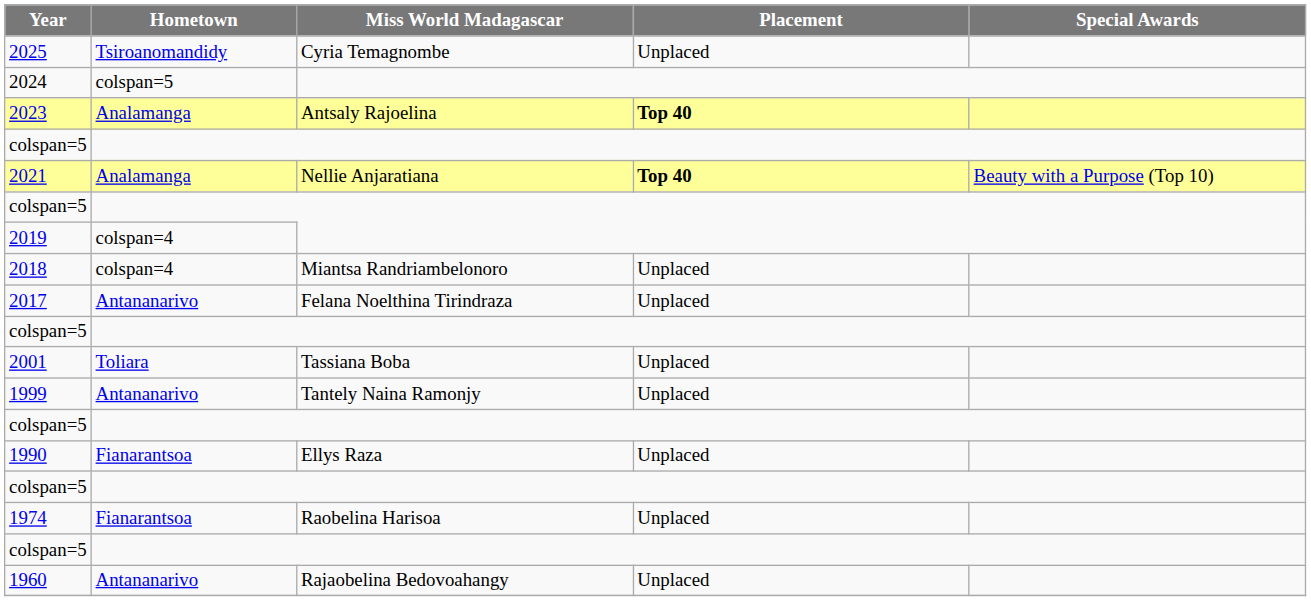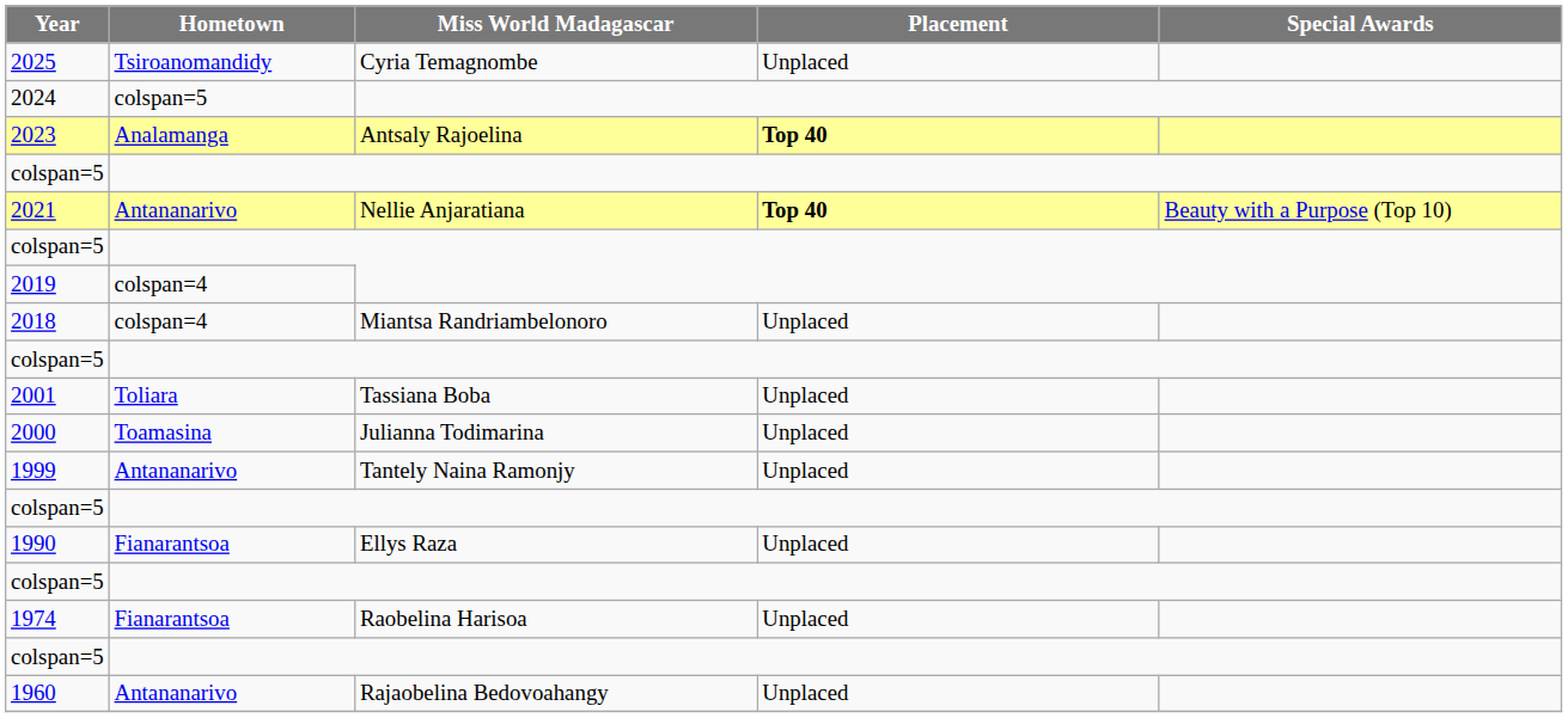 <table class="wikitable " style="font-size: 90%;">
 <tr>
 <th width="30" style="background-color:#787878;color:#FFFFFF;">Year</th>
 <th width="150" style="background-color:#787878;color:#FFFFFF;">Hometown</th>
 <th width="250" style="background-color:#787878;color:#FFFFFF;">Miss World Madagascar</th>
 <th width="250" style="background-color:#787878;color:#FFFFFF;">Placement</th>
 <th width="250" style="background-color:#787878;color:#FFFFFF;">Special Awards</th>
 </tr>
 <tr>
 <td><a href='#'>2025</a></td>
 <td><a href='#'>Tsiroanomandidy</a></td>
 <td>Cyria Temagnombe</td>
 <td>Unplaced</td>
 <td></td>
 </tr>
 <tr>
 <td>2024</td>
 <td>colspan=5 </td>
 </tr>
 <tr style="background-color:#FFFF99">
 <td><a href='#'>2023</a></td>
 <td><a href='#'>Analamanga</a></td>
 <td>Antsaly Rajoelina</td>
 <td><strong>Top 40</strong></td>
 <td></td>
 </tr>
 <tr>
 <td>colspan=5 </td>
 </tr>
 <tr style="background-color:#FFFF99">
 <td><a href='#'>2021</a></td>
-<td><a href='#'>Analamanga</a></td>
+<td><a href='#'>Antananarivo</a></td>
 <td>Nellie Anjaratiana</td>
 <td><strong>Top 40</strong></td>
 <td><a href='#'>Beauty with a Purpose</a> (Top 10)</td>
 </tr>
 <tr>
 <td>colspan=5 </td>
 </tr>
 <tr>
 <td><a href='#'>2019</a></td>
 <td>colspan=4 </td>
 </tr>
 <tr>
 <td><a href='#'>2018</a></td>
 <td>colspan=4 </td>
 <td>Miantsa Randriambelonoro</td>
 <td>Unplaced</td>
 <td></td>
 </tr>
 <tr>
-<td><a href='#'>2017</a></td>
-<td><a href='#'>Antananarivo</a></td>
-<td>Felana Noelthina Tirindraza</td>
-<td>Unplaced</td>
-<td></td>
-</tr>
-<tr>
 <td>colspan=5 </td>
 </tr>
 <tr>
 <td><a href='#'>2001</a></td>
 <td><a href='#'>Toliara</a></td>
 <td>Tassiana Boba</td>
+<td>Unplaced</td>
+<td></td>
+</tr>
+<tr>
+<td><a href='#'>2000</a></td>
+<td><a href='#'>Toamasina</a></td>
+<td>Julianna Todimarina</td>
 <td>Unplaced</td>
 <td></td>
 </tr>
 <tr>
 <td><a href='#'>1999</a></td>
 <td><a href='#'>Antananarivo</a></td>
 <td>Tantely Naina Ramonjy</td>
 <td>Unplaced</td>
 <td></td>
 </tr>
 <tr>
 <td>colspan=5 </td>
 </tr>
 <tr>
 <td><a href='#'>1990</a></td>
 <td><a href='#'>Fianarantsoa</a></td>
 <td>Ellys Raza</td>
 <td>Unplaced</td>
 <td></td>
 </tr>
 <tr>
 <td>colspan=5 </td>
 </tr>
 <tr>
 <td><a href='#'>1974</a></td>
 <td><a href='#'>Fianarantsoa</a></td>
 <td>Raobelina Harisoa</td>
 <td>Unplaced</td>
 <td></td>
 </tr>
 <tr>
 <td>colspan=5 </td>
 </tr>
 <tr>
 <td><a href='#'>1960</a></td>
 <td><a href='#'>Antananarivo</a></td>
 <td>Rajaobelina Bedovoahangy</td>
 <td>Unplaced</td>
 <td></td>
 </tr>
 <tr>
 </tr>
 </table>
